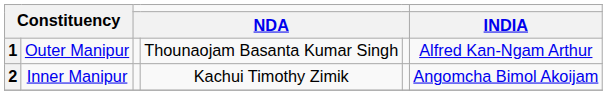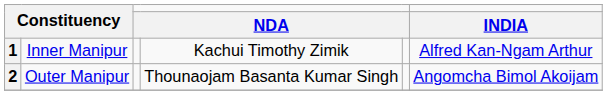 <table class="wikitable sortable" style="text-align:center;">
 <tr>
 <th colspan="2" rowspan="2">Constituency</th>
 <td colspan="3"></td>
 <td colspan="3"></td>
 </tr>
 <tr>
 <th colspan="3"><a href='#'>NDA</a></th>
 <th colspan="3"><a href='#'>INDIA</a></th>
 </tr>
 <tr>
 <th>1</th>
-<td><a href='#'>Outer Manipur</a></td>
+<td><a href='#'>Inner Manipur</a></td>
 <td></td>
-<td>Thounaojam Basanta Kumar Singh</td>
+<td>Kachui Timothy Zimik</td>
 <td></td>
 <td><a href='#'>Alfred Kan-Ngam Arthur</a></td>
 </tr>
 <tr>
 <th>2</th>
-<td><a href='#'>Inner Manipur</a></td>
+<td><a href='#'>Outer Manipur</a></td>
 <td></td>
-<td>Kachui Timothy Zimik</td>
+<td>Thounaojam Basanta Kumar Singh</td>
 <td></td>
 <td><a href='#'>Angomcha Bimol Akoijam</a></td>
 </tr>
 <tr>
 </tr>
 </table>
